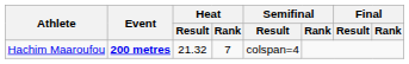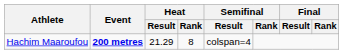 <table class="wikitable" style="font-size:90%">
 <tr>
 <th rowspan="2">Athlete</th>
 <th rowspan="2">Event</th>
 <th colspan="2">Heat</th>
 <th colspan="2">Semifinal</th>
 <th colspan="2">Final</th>
 </tr>
 <tr style="font-size:95%">
 <th>Result</th>
 <th>Rank</th>
 <th>Result</th>
 <th>Rank</th>
 <th>Result</th>
 <th>Rank</th>
 </tr>
 <tr align=center>
 <td align=left><a href='#'>Hachim Maaroufou</a></td>
 <td align=left><strong><a href='#'>200 metres</a></strong></td>
-<td>21.32</td>
-<td>7</td>
+<td>21.29</td>
+<td>8</td>
 <td>colspan=4 </td>
 </tr>
 </table>
